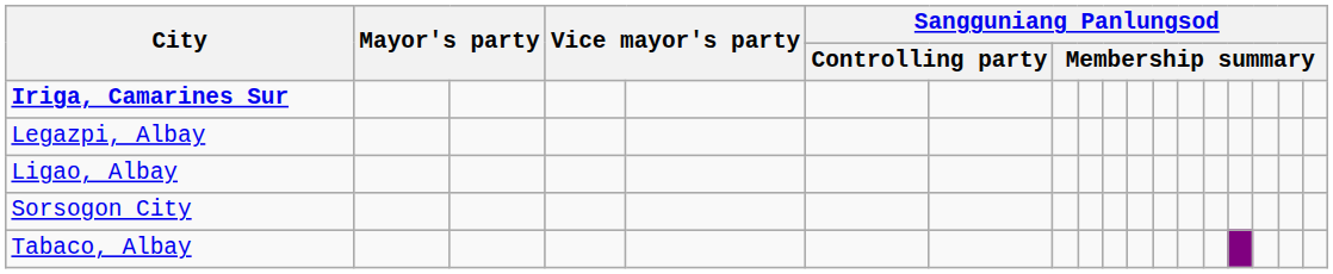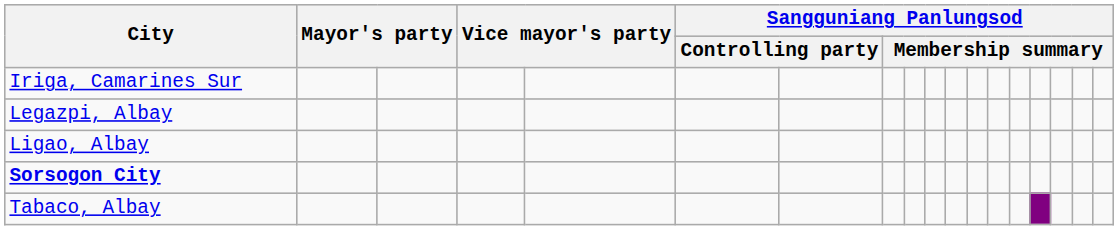 <table class="wikitable" style="font-size:95%;">
 <tr>
 <th width="180px" rowspan="2">City</th>
 <th colspan="2" rowspan="2">Mayor's party</th>
 <th colspan="2" rowspan="2">Vice mayor's party</th>
 <th colspan="16"><a href='#'>Sangguniang Panlungsod</a></th>
 </tr>
 <tr>
 <th colspan="2">Controlling party</th>
 <th colspan="14">Membership summary</th>
 </tr>
 <tr>
-<td><strong><a href='#'>Iriga, Camarines Sur</a></strong></td>
+<td><a href='#'>Iriga, Camarines Sur</a></td>
 <td></td>
 <td></td>
 <td></td>
 <td> </td>
 <td> </td>
 <td> </td>
 <td> </td>
 <td> </td>
 <td> </td>
 <td> </td>
 <td> </td>
 <td> </td>
 <td> </td>
 <td> </td>
 <td> </td>
 <td> </td>
 <td> </td>
 </tr>
 <tr>
 <td><a href='#'>Legazpi, Albay</a></td>
 <td></td>
 <td></td>
 <td></td>
 <td style="color:inherit;background:"></td>
 <td style="color:inherit;background:"></td>
 <td style="color:inherit;background:"></td>
 <td style="color:inherit;background:"></td>
 <td style="color:inherit;background:"></td>
 <td style="color:inherit;background:"></td>
 <td style="color:inherit;background:"></td>
 <td style="color:inherit;background:"></td>
 <td style="color:inherit;background:"></td>
 <td style="color:inherit;background:"></td>
 <td style="color:inherit;background:"></td>
 <td style="color:inherit;background:"></td>
 <td></td>
 <td></td>
 </tr>
 <tr>
 <td><a href='#'>Ligao, Albay</a></td>
 <td></td>
 <td></td>
 <td></td>
 <td style="color:inherit;background:"></td>
 <td style="color:inherit;background:"></td>
 <td style="color:inherit;background:"></td>
 <td style="color:inherit;background:"></td>
 <td style="color:inherit;background:"></td>
 <td style="color:inherit;background:"></td>
 <td style="color:inherit;background:"></td>
 <td style="color:inherit;background:"></td>
 <td style="color:inherit;background:"></td>
 <td style="color:inherit;background:"></td>
 <td style="color:inherit;background:"></td>
 <td style="color:inherit;background:"></td>
 <td></td>
 <td></td>
 </tr>
 <tr>
-<td><a href='#'>Sorsogon City</a></td>
+<td><strong><a href='#'>Sorsogon City</a></strong></td>
 <td></td>
 <td></td>
 <td></td>
 <td style="color:inherit;background:"></td>
 <td style="color:inherit;background:"></td>
 <td style="color:inherit;background:"></td>
 <td style="color:inherit;background:"></td>
 <td style="color:inherit;background:"></td>
 <td style="color:inherit;background:"></td>
 <td style="color:inherit;background:"></td>
 <td style="color:inherit;background:"></td>
 <td style="color:inherit;background:"></td>
 <td style="color:inherit;background:"></td>
 <td style="color:inherit;background:"></td>
 <td style="color:inherit;background:"></td>
 <td style="color:inherit;background:"></td>
 <td style="color:inherit;background:"></td>
 </tr>
 <tr>
 <td><a href='#'>Tabaco, Albay</a></td>
 <td></td>
 <td></td>
 <td></td>
 <td style="color:inherit;background:"></td>
 <td style="color:inherit;background:"></td>
 <td style="color:inherit;background:"></td>
 <td style="color:inherit;background:"></td>
 <td style="color:inherit;background:"></td>
 <td style="color:inherit;background:"></td>
 <td style="color:inherit;background:"></td>
 <td style="color:inherit;background:"></td>
 <td style="color:inherit;background:"></td>
 <td style="color:inherit;background:"></td>
 <td bgcolor=purple></td>
 <td style="color:inherit;background:"></td>
 <td></td>
 <td></td>
 </tr>
 </table>
